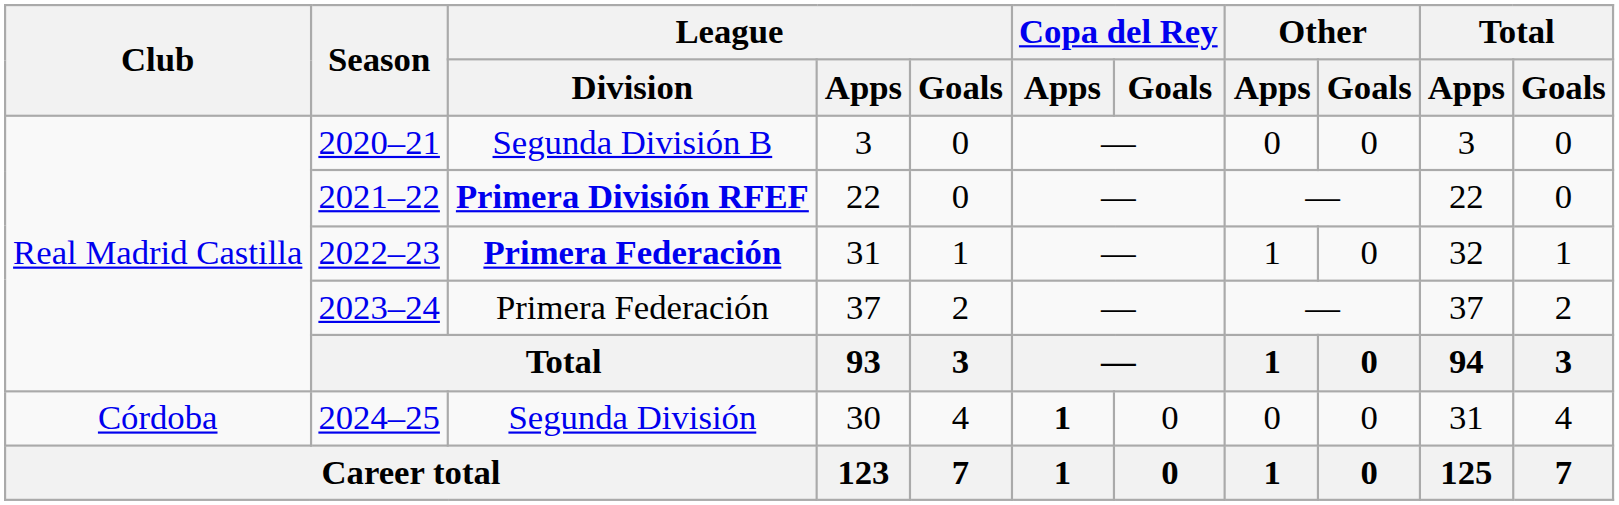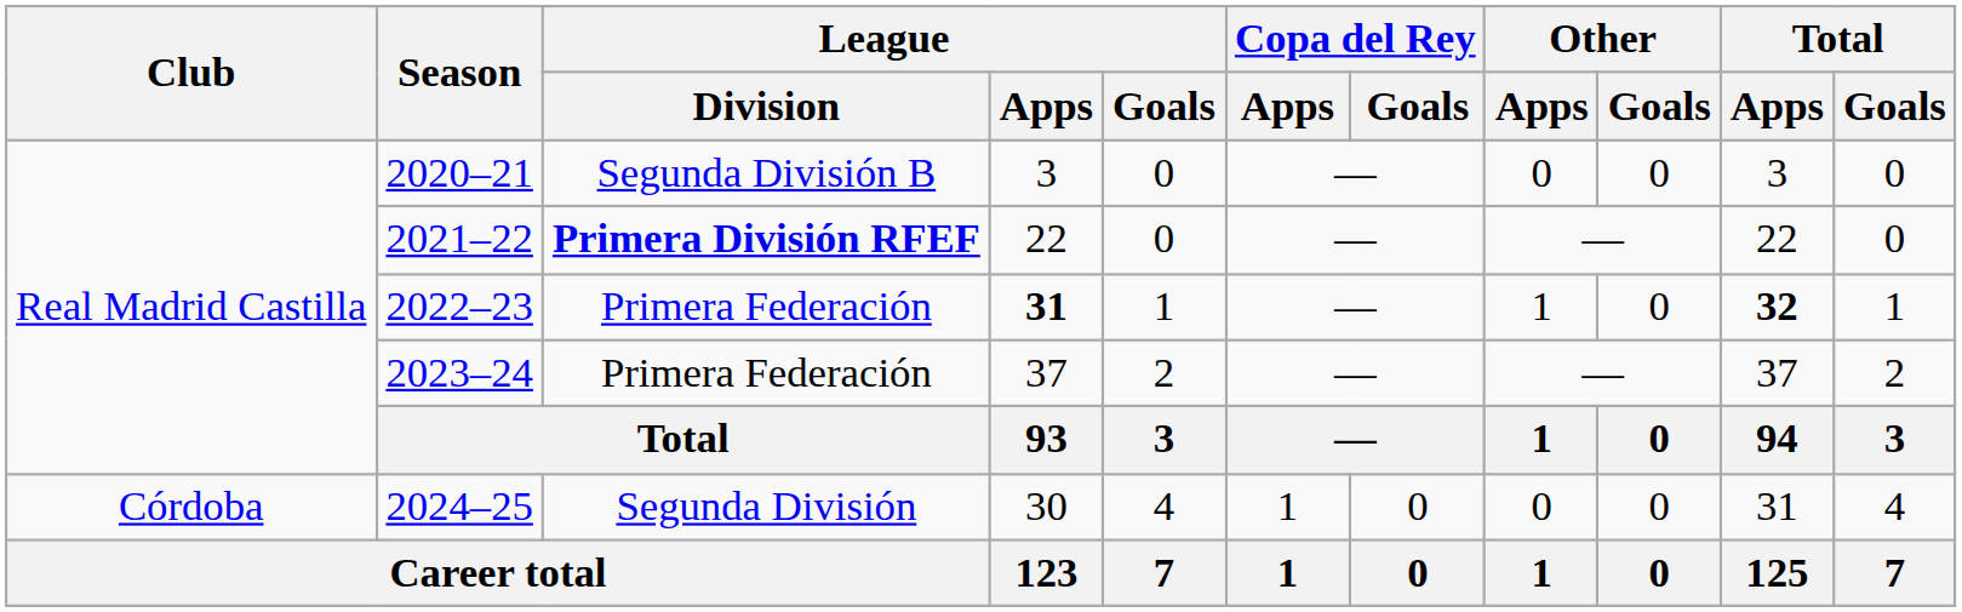 <table class=wikitable style=text-align:center>
 <tr>
 <th rowspan=2>Club</th>
 <th rowspan=2>Season</th>
 <th colspan=3>League</th>
 <th colspan=2><a href='#'>Copa del Rey</a></th>
 <th colspan=2>Other</th>
 <th colspan=2>Total</th>
 </tr>
 <tr>
 <th>Division</th>
 <th>Apps</th>
 <th>Goals</th>
 <th>Apps</th>
 <th>Goals</th>
 <th>Apps</th>
 <th>Goals</th>
 <th>Apps</th>
 <th>Goals</th>
 </tr>
 <tr>
 <td rowspan=5><a href='#'>Real Madrid Castilla</a></td>
 <td><a href='#'>2020–21</a></td>
 <td><a href='#'>Segunda División B</a></td>
 <td>3</td>
 <td>0</td>
 <td colspan=2>—</td>
 <td>0</td>
 <td>0</td>
 <td>3</td>
 <td>0</td>
 </tr>
 <tr>
 <td><a href='#'>2021–22</a></td>
 <td><strong><a href='#'>Primera División RFEF</a></strong></td>
 <td>22</td>
 <td>0</td>
 <td colspan=2>—</td>
 <td colspan=2>—</td>
 <td>22</td>
 <td>0</td>
 </tr>
 <tr>
 <td><a href='#'>2022–23</a></td>
-<td><strong><a href='#'>Primera Federación</a></strong></td>
-<td>31</td>
+<td><a href='#'>Primera Federación</a></td>
+<td><strong>31</strong></td>
 <td>1</td>
 <td colspan=2>—</td>
 <td>1</td>
 <td>0</td>
-<td>32</td>
+<td><strong>32</strong></td>
 <td>1</td>
 </tr>
 <tr>
 <td><a href='#'>2023–24</a></td>
 <td>Primera Federación</td>
 <td>37</td>
 <td>2</td>
 <td colspan=2>—</td>
 <td colspan=2>—</td>
 <td>37</td>
 <td>2</td>
 </tr>
 <tr>
 <th colspan=2>Total</th>
 <th>93</th>
 <th>3</th>
 <th colspan=2>—</th>
 <th>1</th>
 <th>0</th>
 <th>94</th>
 <th>3</th>
 </tr>
 <tr>
 <td><a href='#'>Córdoba</a></td>
 <td><a href='#'>2024–25</a></td>
 <td><a href='#'>Segunda División</a></td>
 <td>30</td>
 <td>4</td>
-<td><strong>1</strong></td>
+<td>1</td>
 <td>0</td>
 <td>0</td>
 <td>0</td>
 <td>31</td>
 <td>4</td>
 </tr>
 <tr>
 <th colspan=3>Career total</th>
 <th>123</th>
 <th>7</th>
 <th>1</th>
 <th>0</th>
 <th>1</th>
 <th>0</th>
 <th>125</th>
 <th>7</th>
 </tr>
 </table>
